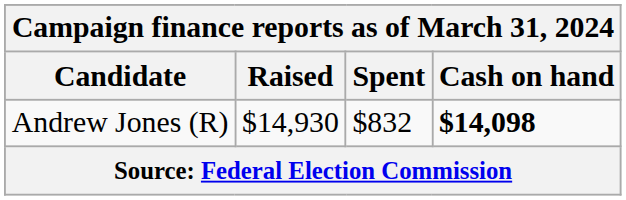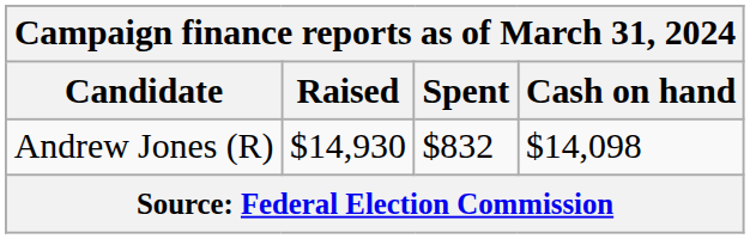 <table class="wikitable sortable">
 <tr>
 <th colspan=4>Campaign finance reports as of March 31, 2024</th>
 </tr>
 <tr style="text-align:center;">
 <th>Candidate</th>
 <th>Raised</th>
 <th>Spent</th>
 <th>Cash on hand</th>
 </tr>
 <tr>
 <td>Andrew Jones (R)</td>
 <td>$14,930</td>
 <td>$832</td>
-<td><strong>$14,098</strong></td>
+<td>$14,098</td>
 </tr>
 <tr>
 <th colspan="4"><small>Source: <a href='#'>Federal Election Commission</a></small></th>
 </tr>
 </table>
